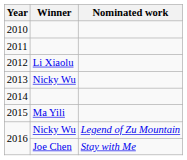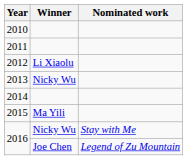 <table class="wikitable">
 <tr>
 <th>Year</th>
 <th>Winner</th>
 <th>Nominated work</th>
 </tr>
 <tr>
 <td>2010</td>
 <td></td>
 <td></td>
 </tr>
 <tr>
 <td>2011</td>
 <td></td>
 <td></td>
 </tr>
 <tr>
 <td>2012</td>
 <td><a href='#'>Li Xiaolu</a></td>
 <td></td>
 </tr>
 <tr>
 <td>2013</td>
 <td><a href='#'>Nicky Wu</a></td>
 <td></td>
 </tr>
 <tr>
 <td>2014</td>
 <td></td>
 <td></td>
 </tr>
 <tr>
 <td>2015</td>
 <td><a href='#'>Ma Yili</a></td>
 <td></td>
 </tr>
 <tr>
 <td rowspan=2>2016</td>
 <td><a href='#'>Nicky Wu</a></td>
-<td><em><a href='#'>Legend of Zu Mountain</a></em></td>
+<td><em><a href='#'>Stay with Me</a></em></td>
 </tr>
 <tr>
 <td><a href='#'>Joe Chen</a></td>
-<td><em><a href='#'>Stay with Me</a></em></td>
+<td><em><a href='#'>Legend of Zu Mountain</a></em></td>
 </tr>
 </table>
